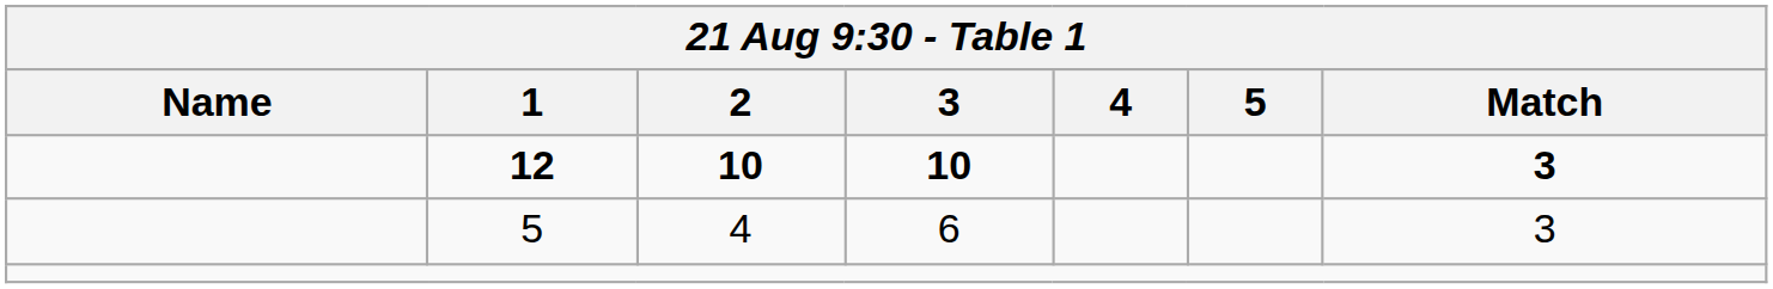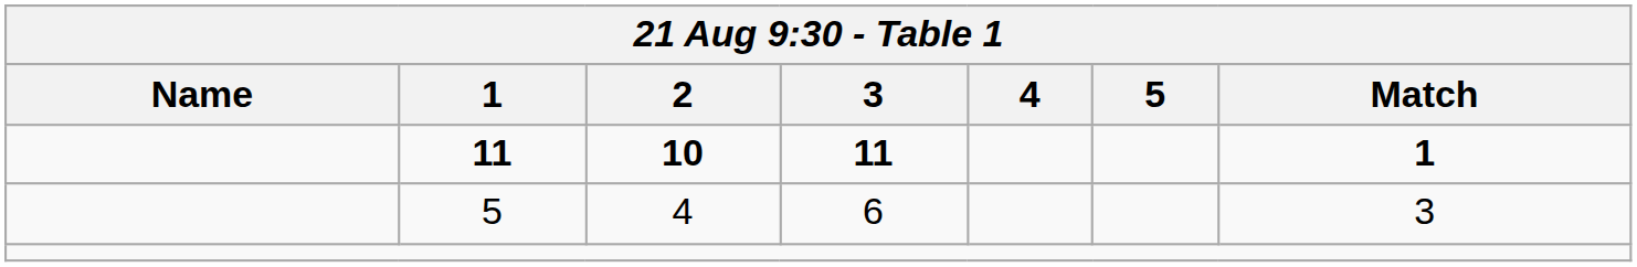 <table class=wikitable style="text-align:center; width: 55%">
 <tr>
 <th colspan=17><em>21 Aug 9:30 - Table 1</em></th>
 </tr>
 <tr>
 <th>Name</th>
 <th>1</th>
 <th>2</th>
 <th>3</th>
 <th>4</th>
 <th>5</th>
 <th>Match</th>
 </tr>
 <tr>
 <td style="text-align:left;"><strong></strong></td>
-<td><strong>12</strong></td>
+<td><strong>11</strong></td>
 <td><strong>10</strong></td>
-<td><strong>10</strong></td>
+<td><strong>11</strong></td>
 <td></td>
 <td></td>
-<td><strong>3</strong></td>
+<td><strong>1</strong></td>
 </tr>
 <tr>
 <td style="text-align:left;"></td>
 <td>5</td>
 <td>4</td>
 <td>6</td>
 <td></td>
 <td></td>
 <td>3</td>
 </tr>
 <tr>
 <td colspan=17></td>
 </tr>
 </table>
